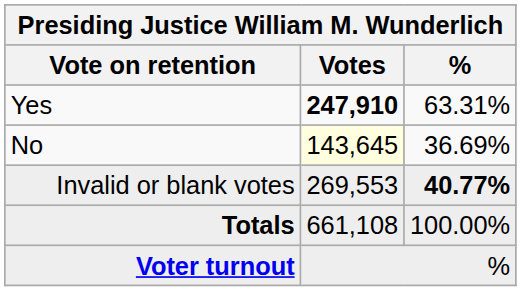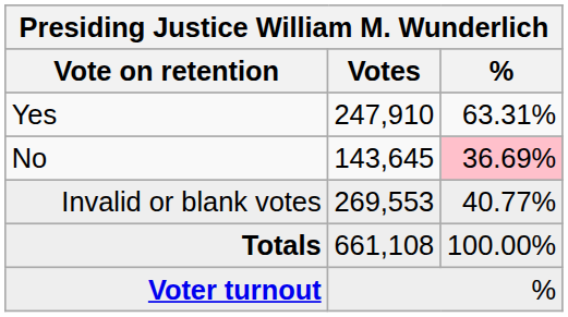 <table class="wikitable" style="font-size: 95%;">
 <tr style="background-color:#E9E9E9">
 <th colspan=7>Presiding Justice William M. Wunderlich</th>
 </tr>
 <tr style="background-color:#E9E9E9">
 <th style="width: 170px">Vote on retention</th>
 <th style="width: 50px">Votes</th>
 <th style="width: 40px">%</th>
 </tr>
 <tr>
 <td>Yes</td>
-<td align="right"><strong>247,910</strong></td>
+<td align="right">247,910</td>
 <td align="right">63.31%</td>
 </tr>
 <tr>
 <td>No</td>
-<td align="right" style="background: lightyellow;">143,645</td>
-<td align="right">36.69%</td>
+<td align="right">143,645</td>
+<td align="right" style="background: pink;">36.69%</td>
 </tr>
 <tr style="background-color:#EEEEEE">
 <td align="right">Invalid or blank votes</td>
 <td align="right">269,553</td>
-<td align="right"><strong>40.77%</strong></td>
+<td align="right">40.77%</td>
 </tr>
 <tr style="background-color:#EEEEEE">
 <td colspan="1" align="right"><strong>Totals</strong></td>
 <td align="right">661,108</td>
 <td align="right">100.00%</td>
 </tr>
 <tr style="background-color:#EEEEEE">
 <td align="right"><strong><a href='#'>Voter turnout</a></strong></td>
 <td colspan="2" align="right">%</td>
 </tr>
 </table>
